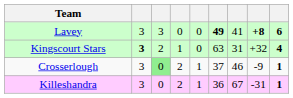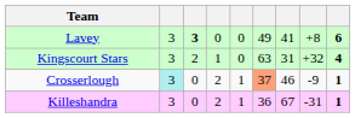 <table class="wikitable" style="text-align:center">
 <tr>
 <th style="width:175px;">Team</th>
 <th width="20"></th>
 <th width="20"></th>
 <th width="20"></th>
 <th width="20"></th>
 <th width="20"></th>
 <th width="20"></th>
 <th width="20"></th>
 <th width="20"></th>
 </tr>
 <tr style="background:#cfc;">
 <td><a href='#'>Lavey</a></td>
 <td>3</td>
-<td>3</td>
+<td><strong>3</strong></td>
 <td>0</td>
 <td>0</td>
-<td><strong>49</strong></td>
+<td>49</td>
 <td>41</td>
-<td><strong>+8</strong></td>
+<td>+8</td>
 <td><strong>6</strong></td>
 </tr>
 <tr style="background:#cfc;">
 <td><a href='#'>Kingscourt Stars</a></td>
-<td><strong>3</strong></td>
+<td>3</td>
 <td>2</td>
 <td>1</td>
 <td>0</td>
 <td>63</td>
 <td>31</td>
 <td>+32</td>
 <td><strong>4</strong></td>
 </tr>
 <tr>
 <td><a href='#'>Crosserlough</a></td>
-<td>3</td>
-<td style="background: lightgreen;">0</td>
+<td style="background: paleturquoise;">3</td>
+<td>0</td>
 <td>2</td>
 <td>1</td>
-<td>37</td>
+<td style="background: lightsalmon;">37</td>
 <td>46</td>
 <td>-9</td>
 <td><strong>1</strong></td>
 </tr>
 <tr style="background:#fcf;">
 <td><a href='#'>Killeshandra</a></td>
 <td>3</td>
 <td>0</td>
 <td>2</td>
 <td>1</td>
 <td>36</td>
 <td>67</td>
 <td>-31</td>
 <td><strong>1</strong></td>
 </tr>
 </table>
